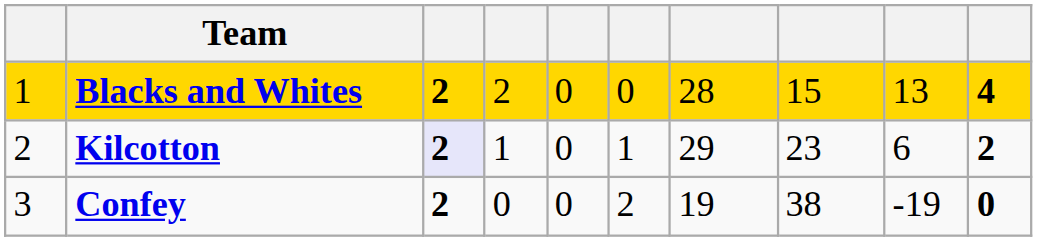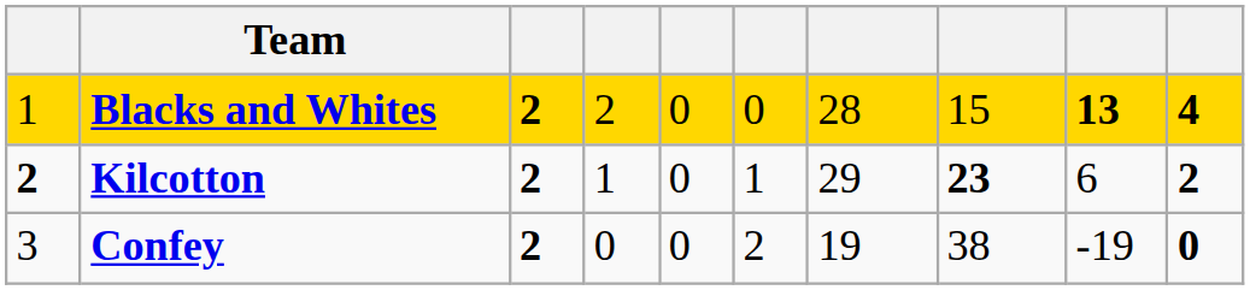 <table class="wikitable" style="text-align: centre;">
 <tr>
 <th width=20></th>
 <th width=150>Team</th>
 <th width=20></th>
 <th width=20></th>
 <th width=20></th>
 <th width=20></th>
 <th width=40></th>
 <th width=40></th>
 <th width=30></th>
 <th width=20></th>
 </tr>
 <tr style="background:gold;">
 <td>1</td>
 <td align=left><strong><a href='#'>Blacks and Whites</a></strong></td>
 <td><strong>2</strong></td>
 <td>2</td>
 <td>0</td>
 <td>0</td>
 <td>28</td>
 <td>15</td>
-<td>13</td>
+<td><strong>13</strong></td>
 <td><strong>4</strong></td>
 </tr>
 <tr>
-<td>2</td>
+<td><strong>2</strong></td>
 <td align=left><strong><a href='#'>Kilcotton</a></strong></td>
-<td style="background: lavender;"><strong>2</strong></td>
+<td><strong>2</strong></td>
 <td>1</td>
 <td>0</td>
 <td>1</td>
 <td>29</td>
-<td>23</td>
+<td><strong>23</strong></td>
 <td>6</td>
 <td><strong>2</strong></td>
 </tr>
 <tr>
 <td>3</td>
 <td align=left><strong><a href='#'>Confey</a></strong></td>
 <td><strong>2</strong></td>
 <td>0</td>
 <td>0</td>
 <td>2</td>
 <td>19</td>
 <td>38</td>
 <td>-19</td>
 <td><strong>0</strong></td>
 </tr>
 </table>
